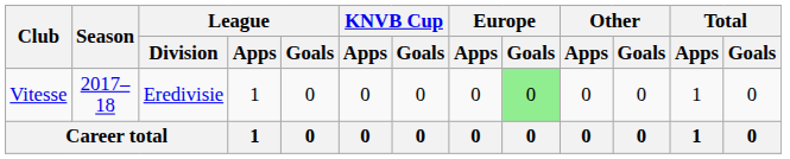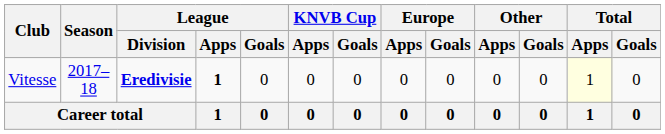 <table class="wikitable" style="text-align: center">
 <tr>
 <th rowspan="2">Club</th>
 <th rowspan="2">Season</th>
 <th colspan="3">League</th>
 <th colspan="2"><a href='#'>KNVB Cup</a></th>
 <th colspan="2">Europe</th>
 <th colspan="2">Other</th>
 <th colspan="2">Total</th>
 </tr>
 <tr>
 <th>Division</th>
 <th>Apps</th>
 <th>Goals</th>
 <th>Apps</th>
 <th>Goals</th>
 <th>Apps</th>
 <th>Goals</th>
 <th>Apps</th>
 <th>Goals</th>
 <th>Apps</th>
 <th>Goals</th>
 </tr>
 <tr>
 <td rowspan="1"><a href='#'>Vitesse</a></td>
 <td><a href='#'>2017–18</a></td>
-<td><a href='#'>Eredivisie</a></td>
-<td>1</td>
+<td><strong><a href='#'>Eredivisie</a></strong></td>
+<td><strong>1</strong></td>
 <td>0</td>
 <td>0</td>
 <td>0</td>
 <td>0</td>
-<td style="background: lightgreen;">0</td>
 <td>0</td>
 <td>0</td>
-<td>1</td>
+<td>0</td>
+<td style="background: lightyellow;">1</td>
 <td>0</td>
 </tr>
 <tr>
 <th colspan="3">Career total</th>
 <th>1</th>
 <th>0</th>
 <th>0</th>
 <th>0</th>
 <th>0</th>
 <th>0</th>
 <th>0</th>
 <th>0</th>
 <th>1</th>
 <th>0</th>
 </tr>
 </table>
